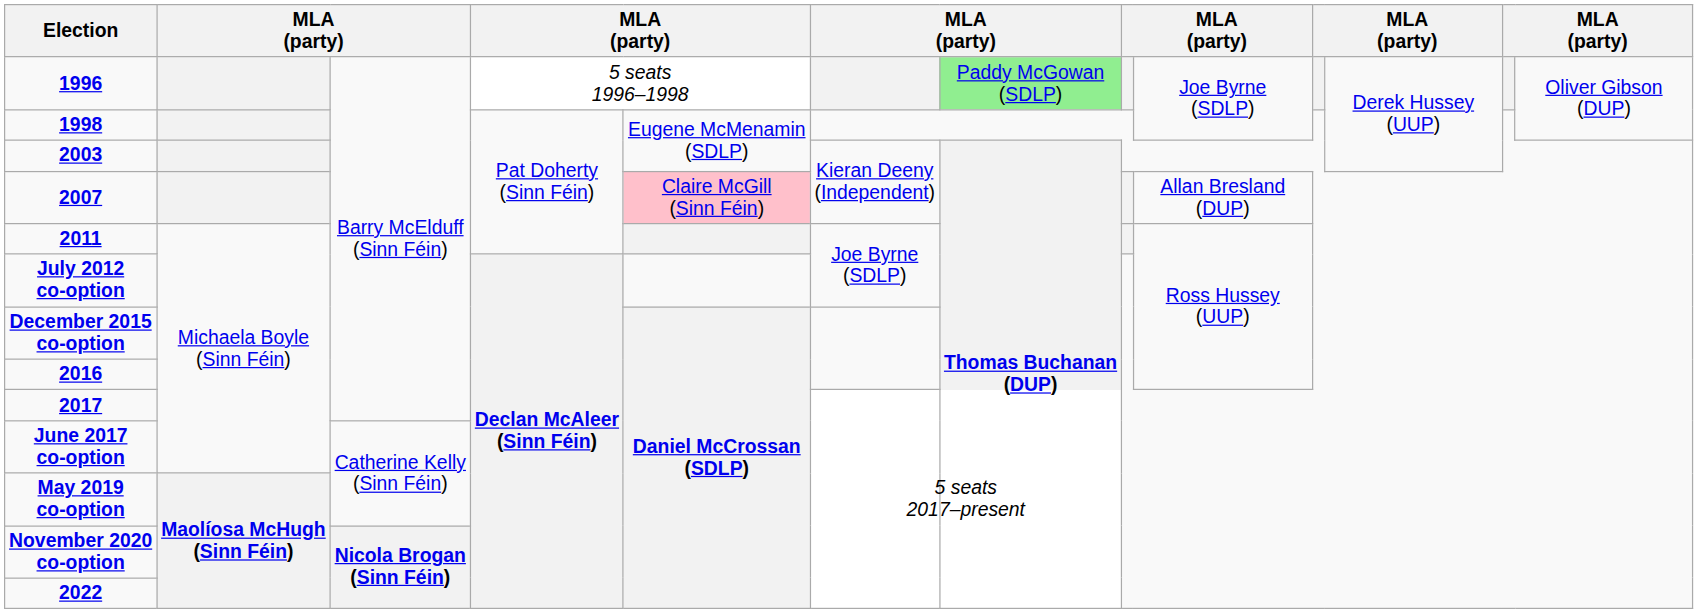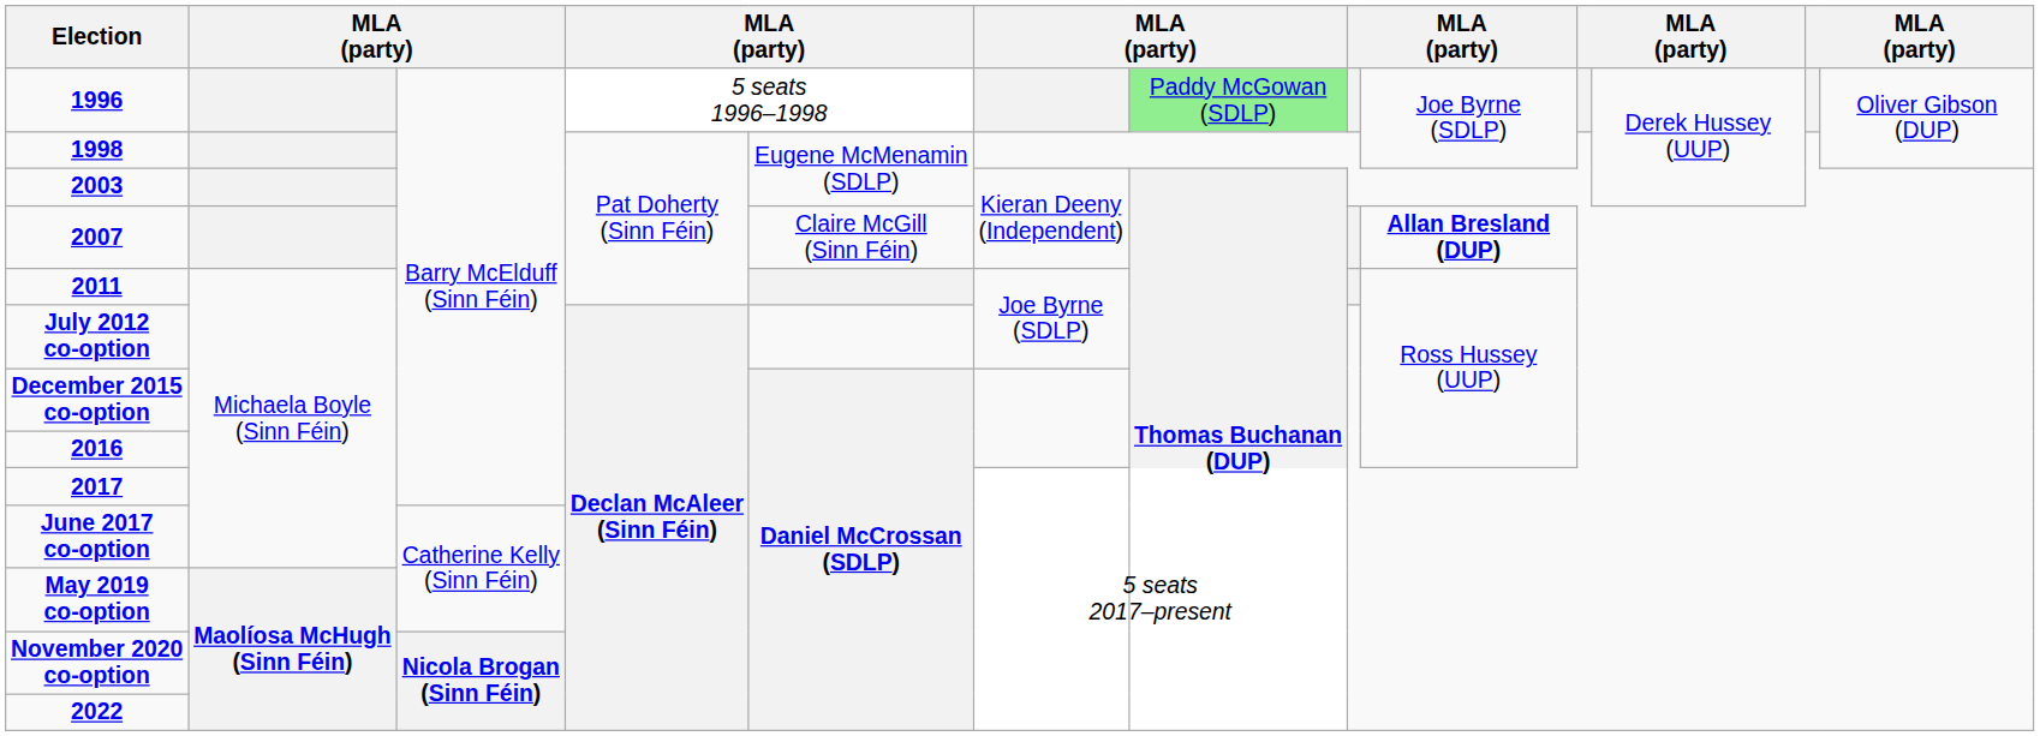 <table class="wikitable" style="text-align:center">
 <tr>
 <th>Election</th>
 <th scope="col" width="150" colspan = "2">MLA<br> (party)</th>
 <th scope="col" width="150" colspan = "2">MLA<br> (party)</th>
 <th scope="col" width="150" colspan = "2">MLA<br> (party)</th>
 <th scope="col" width="150" colspan = "2">MLA<br> (party)</th>
 <th scope="col" width="150" colspan = "2">MLA<br> (party)</th>
 <th scope="col" width="150" colspan = "2">MLA<br> (party)</th>
 </tr>
 <tr>
 <td><strong><a href='#'>1996</a></strong></td>
 <th style="background-color: "></th>
 <td rowspan=9><a href='#'>Barry McElduff</a><br>(<a href='#'>Sinn Féin</a>)</td>
 <td style="background-color:#FFFFFF" colspan=2><em>5 seats<br>1996–1998</em></td>
 <th style="background-color: "></th>
 <td style="background: lightgreen;"><a href='#'>Paddy McGowan</a><br>(<a href='#'>SDLP</a>)</td>
 <th style="background-color: "></th>
 <td rowspan=2><a href='#'>Joe Byrne</a><br>(<a href='#'>SDLP</a>)</td>
 <th style="background-color: "></th>
 <td rowspan=3><a href='#'>Derek Hussey</a><br>(<a href='#'>UUP</a>)</td>
 <th style="background-color: "></th>
 <td rowspan=2><a href='#'>Oliver Gibson</a><br>(<a href='#'>DUP</a>)</td>
 </tr>
 <tr>
 <td><strong><a href='#'>1998</a></strong></td>
 <th style="background-color: "></th>
 <td rowspan=4><a href='#'>Pat Doherty</a><br>(<a href='#'>Sinn Féin</a>)</td>
 <td rowspan=2><a href='#'>Eugene McMenamin</a><br>(<a href='#'>SDLP</a>)</td>
 </tr>
 <tr>
 <td><strong><a href='#'>2003</a></strong></td>
 <th style="background-color: "></th>
 <td rowspan=2><a href='#'>Kieran Deeny</a><br>(<a href='#'>Independent</a>)</td>
 <th rowspan=11><a href='#'>Thomas Buchanan</a><br>(<a href='#'>DUP</a>)</th>
 </tr>
 <tr>
 <td><strong><a href='#'>2007</a></strong></td>
 <th style="background-color: "></th>
-<td style="background: pink;"><a href='#'>Claire McGill</a><br>(<a href='#'>Sinn Féin</a>)</td>
+<td><a href='#'>Claire McGill</a><br>(<a href='#'>Sinn Féin</a>)</td>
 <th style="background-color: "></th>
-<td><a href='#'>Allan Bresland</a><br>(<a href='#'>DUP</a>)</td>
+<td><strong><a href='#'>Allan Bresland</a><br>(<a href='#'>DUP</a>)</strong></td>
 </tr>
 <tr>
 <td><strong><a href='#'>2011</a></strong></td>
 <td rowspan=6><a href='#'>Michaela Boyle</a><br>(<a href='#'>Sinn Féin</a>)</td>
 <th style="background-color: "></th>
 <td rowspan=2><a href='#'>Joe Byrne</a><br>(<a href='#'>SDLP</a>)</td>
 <th style="background-color: "></th>
 <td rowspan=4><a href='#'>Ross Hussey</a><br>(<a href='#'>UUP</a>)</td>
 </tr>
 <tr>
 <td><strong><a href='#'>July 2012<br>co-option</a></strong></td>
 <th rowspan=8><a href='#'>Declan McAleer</a><br>(<a href='#'>Sinn Féin</a>)</th>
 </tr>
 <tr>
 <td><strong><a href='#'>December 2015<br>co-option</a></strong></td>
 <th rowspan=7><a href='#'>Daniel McCrossan</a> <br>(<a href='#'>SDLP</a>)</th>
 </tr>
 <tr>
 <td><strong><a href='#'>2016</a></strong></td>
 </tr>
 <tr>
 <td><strong><a href='#'>2017</a></strong></td>
 <td style="background-color:#FFFFFF" colspan=2 rowspan=5><em>5 seats<br>2017–present</em></td>
 </tr>
 <tr>
 <td><strong><a href='#'>June 2017<br>co-option</a></strong></td>
 <td rowspan=2><a href='#'>Catherine Kelly</a> <br>(<a href='#'>Sinn Féin</a>)</td>
 </tr>
 <tr>
 <td><strong><a href='#'>May 2019<br>co-option</a></strong></td>
 <th rowspan=3><a href='#'>Maolíosa McHugh</a> <br>(<a href='#'>Sinn Féin</a>)</th>
 </tr>
 <tr>
 <td><strong><a href='#'>November 2020<br>co-option</a></strong></td>
 <th rowspan=2><a href='#'>Nicola Brogan</a> <br>(<a href='#'>Sinn Féin</a>)</th>
 </tr>
 <tr>
 <td><strong><a href='#'>2022</a></strong></td>
 </tr>
 </table>
